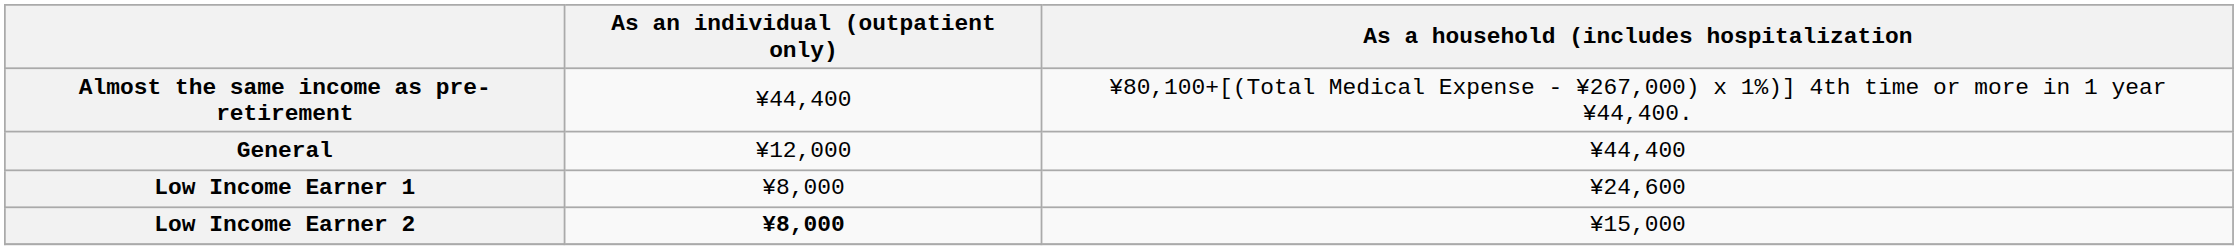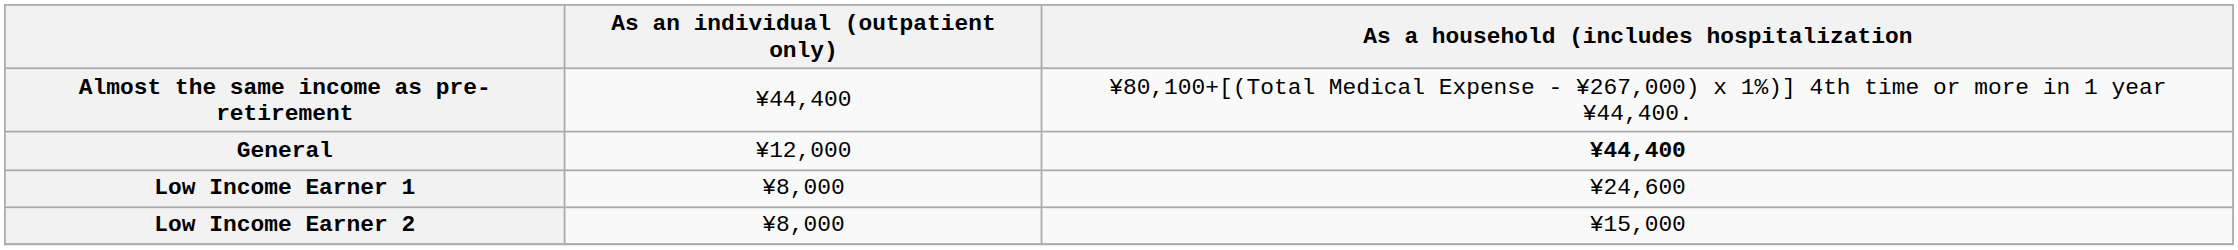 <table class="wikitable" style="text-align:center; width:80%;">
 <tr>
 <th scope="col"></th>
 <th scope="col">As an individual (outpatient only)</th>
 <th scope="col">As a household (includes hospitalization</th>
 </tr>
 <tr>
 <th scope="row">Almost the same income as pre-retirement</th>
 <td>¥44,400</td>
 <td>¥80,100+[(Total Medical Expense - ¥267,000) x 1%)] 4th time or more in 1 year ¥44,400.</td>
 </tr>
 <tr>
 <th scope="row">General</th>
 <td>¥12,000</td>
-<td>¥44,400</td>
+<td><strong>¥44,400</strong></td>
 </tr>
 <tr>
 <th scope="row">Low Income Earner 1</th>
 <td>¥8,000</td>
 <td>¥24,600</td>
 </tr>
 <tr>
 <th scope="row">Low Income Earner 2</th>
-<td><strong>¥8,000</strong></td>
+<td>¥8,000</td>
 <td>¥15,000</td>
 </tr>
 <tr>
 </tr>
 </table>
